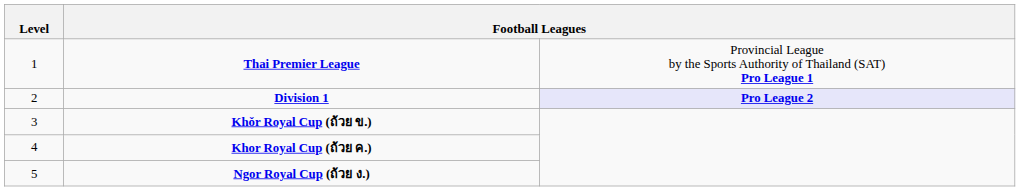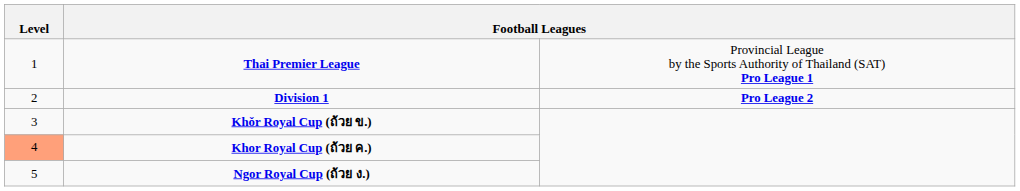 <table class="wikitable" style="text-align: center;" width="100%">
 <tr>
 <th colspan="1" width="4%"><br>Level</th>
 <th colspan="2" width="96%"><br>Football Leagues</th>
 </tr>
 <tr>
 <td>1</td>
 <td colspan="1"><strong><a href='#'>Thai Premier League</a> </strong></td>
 <td colspan="1" width="32%">Provincial League <br>by the Sports Authority of Thailand (SAT)<br><strong><a href='#'>Pro League 1</a> </strong></td>
 </tr>
 <tr>
 <td>2</td>
 <td colspan="1" width="32%"><strong><a href='#'>Division 1</a> </strong></td>
-<td colspan="1" width="32%" style="background: lavender;"><strong><a href='#'>Pro League 2</a> </strong></td>
+<td colspan="1" width="32%"><strong><a href='#'>Pro League 2</a> </strong></td>
 </tr>
 <tr>
 <td>3</td>
 <td colspan="1" width="32%"><strong><a href='#'>Khǒr Royal Cup</a> (ถ้วย ข.) </strong></td>
 </tr>
 <tr>
-<td>4</td>
+<td style="background: lightsalmon;">4</td>
 <td colspan="1" width="32%"><strong><a href='#'>Khor Royal Cup</a> (ถ้วย ค.) </strong></td>
 </tr>
 <tr>
 <td>5</td>
 <td colspan="1" width="32%"><strong><a href='#'>Ngor Royal Cup</a> (ถ้วย ง.)</strong></td>
 </tr>
 </table>
